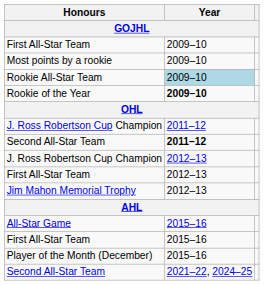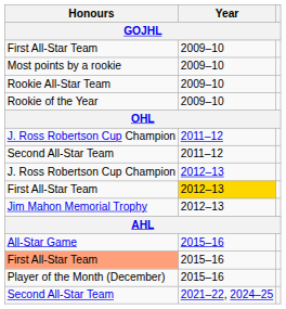 <table class="wikitable">
 <tr>
 <th>Honours</th>
 <th>Year</th>
 <th></th>
 </tr>
 <tr ALIGN="center" bgcolor="#e0e0e0">
 <th colspan="3"><a href='#'>GOJHL</a></th>
 </tr>
 <tr>
 <td>First All-Star Team</td>
 <td>2009–10</td>
 <td></td>
 </tr>
 <tr>
 <td>Most points by a rookie</td>
 <td>2009–10</td>
 <td></td>
 </tr>
 <tr>
 <td>Rookie All-Star Team</td>
-<td style="background: lightblue;">2009–10</td>
+<td>2009–10</td>
 <td></td>
 </tr>
 <tr>
 <td>Rookie of the Year</td>
-<td><strong>2009–10</strong></td>
+<td>2009–10</td>
 <td></td>
 </tr>
 <tr ALIGN="center" bgcolor="#e0e0e0">
 <th colspan="3"><a href='#'>OHL</a></th>
 </tr>
 <tr>
 <td><a href='#'>J. Ross Robertson Cup</a> Champion</td>
 <td><a href='#'>2011–12</a></td>
 <td></td>
 </tr>
 <tr>
 <td>Second All-Star Team</td>
-<td><strong>2011–12</strong></td>
+<td>2011–12</td>
 <td></td>
 </tr>
 <tr>
 <td>J. Ross Robertson Cup Champion</td>
 <td><a href='#'>2012–13</a></td>
 <td></td>
 </tr>
 <tr>
 <td>First All-Star Team</td>
-<td>2012–13</td>
+<td style="background: gold;">2012–13</td>
 <td></td>
 </tr>
 <tr>
 <td><a href='#'>Jim Mahon Memorial Trophy</a></td>
 <td>2012–13</td>
 <td></td>
 </tr>
 <tr ALIGN="center" bgcolor="#e0e0e0">
 <th colspan="3"><a href='#'>AHL</a></th>
 </tr>
 <tr>
 <td><a href='#'>All-Star Game</a></td>
 <td><a href='#'>2015–16</a></td>
 <td></td>
 </tr>
 <tr>
-<td>First All-Star Team</td>
+<td style="background: lightsalmon;">First All-Star Team</td>
 <td>2015–16</td>
 <td></td>
 </tr>
 <tr>
 <td>Player of the Month (December)</td>
 <td>2015–16</td>
 <td></td>
 </tr>
 <tr>
 <td><a href='#'>Second All-Star Team</a></td>
 <td><a href='#'>2021–22</a>, <a href='#'>2024–25</a></td>
 <td></td>
 </tr>
 </table>
